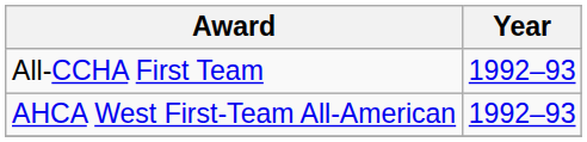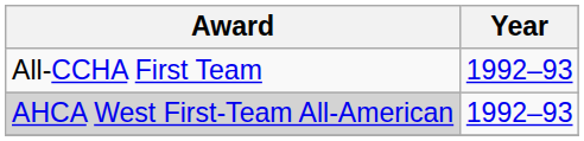 <table class="wikitable">
 <tr>
 <th>Award</th>
 <th>Year</th>
 </tr>
 <tr>
 <td>All-<a href='#'>CCHA</a> <a href='#'>First Team</a></td>
 <td><a href='#'>1992–93</a></td>
 </tr>
 <tr>
-<td><a href='#'>AHCA</a> <a href='#'>West First-Team All-American</a></td>
+<td style="background: lightgrey;"><a href='#'>AHCA</a> <a href='#'>West First-Team All-American</a></td>
 <td><a href='#'>1992–93</a></td>
 </tr>
 <tr>
 </tr>
 </table>
